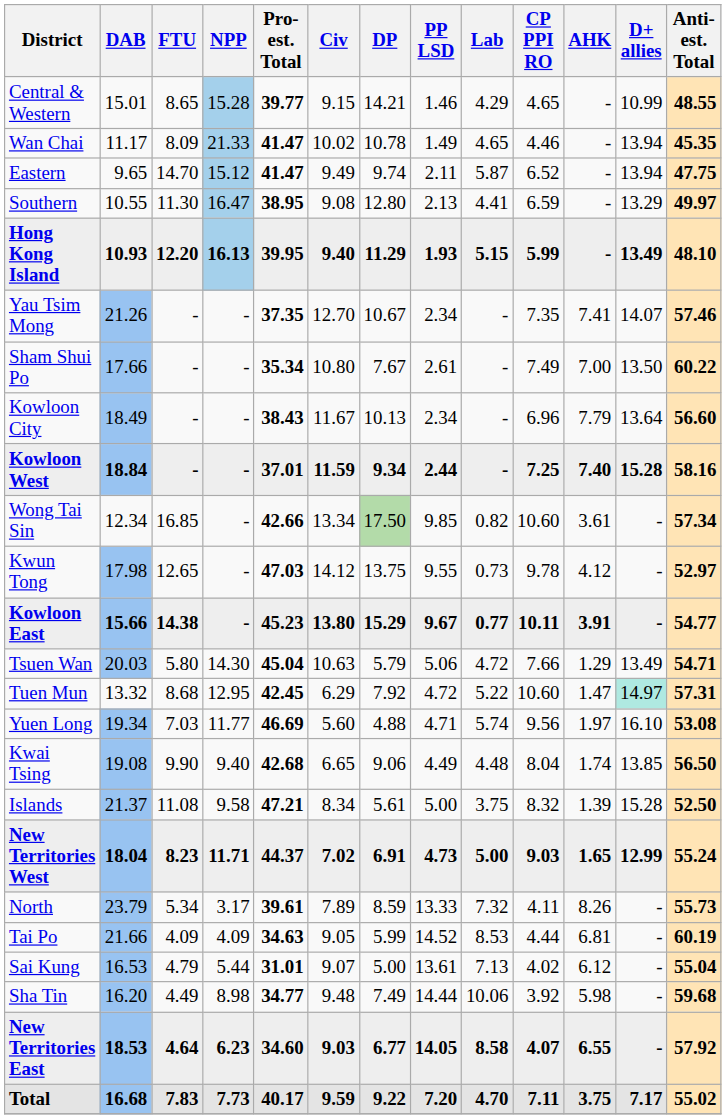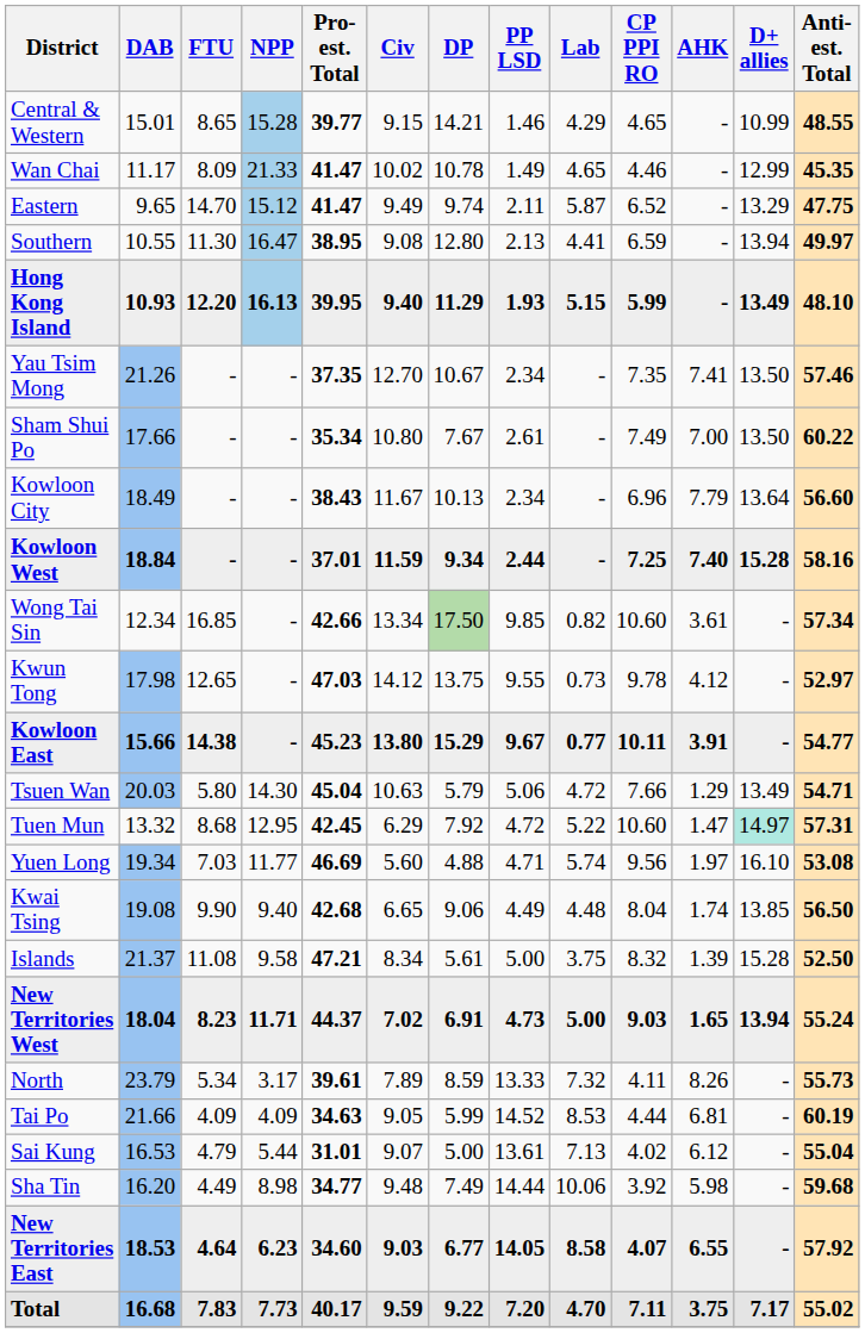 <table class="wikitable sortable collapsible collapsed" style="text-align: right;">
 <tr>
 <th>District</th>
 <th width=40px style="background-color:"><a href='#'><span>DAB</span></a></th>
 <th style="background-color:"><a href='#'><span>FTU</span></a></th>
 <th style="background-color:"><a href='#'><span>NPP</span></a></th>
 <th width=50px>Pro-est.<br>Total</th>
 <th style="background-color:"><a href='#'><span>Civ</span></a></th>
 <th style="background-color:"><a href='#'><span>DP</span></a></th>
 <th style="background-color:"><a href='#'><span>PP</span></a><br><a href='#'><span>LSD</span></a></th>
 <th style="background-color:"><a href='#'><span>Lab</span></a></th>
 <th style="background-color:"><a href='#'><span>CP</span></a><br><a href='#'><span>PPI</span></a><br><a href='#'><span>RO</span></a></th>
 <th style="background-color:"><a href='#'><span>AHK</span></a></th>
 <th style="background-color:"><a href='#'><span>D+<br>allies</span></a></th>
 <th width=50px>Anti-est.<br>Total</th>
 </tr>
 <tr>
 <td align=left><a href='#'>Central & Western</a></td>
 <td>15.01</td>
 <td>8.65</td>
 <td bgcolor=#a4d0eb>15.28</td>
 <td><strong>39.77</strong></td>
 <td>9.15</td>
 <td>14.21</td>
 <td>1.46</td>
 <td>4.29</td>
 <td>4.65</td>
 <td>-</td>
 <td>10.99</td>
 <td bgcolor=Moccasin><strong>48.55</strong></td>
 </tr>
 <tr>
 <td align=left><a href='#'>Wan Chai</a></td>
 <td>11.17</td>
 <td>8.09</td>
 <td bgcolor=#a4d0eb>21.33</td>
 <td><strong>41.47</strong></td>
 <td>10.02</td>
 <td>10.78</td>
 <td>1.49</td>
 <td>4.65</td>
 <td>4.46</td>
 <td>-</td>
-<td>13.94</td>
+<td>12.99</td>
 <td bgcolor=Moccasin><strong>45.35</strong></td>
 </tr>
 <tr>
 <td align=left><a href='#'>Eastern</a></td>
 <td>9.65</td>
 <td>14.70</td>
 <td bgcolor=#a4d0eb>15.12</td>
 <td><strong>41.47</strong></td>
 <td>9.49</td>
 <td>9.74</td>
 <td>2.11</td>
 <td>5.87</td>
 <td>6.52</td>
 <td>-</td>
-<td>13.94</td>
+<td>13.29</td>
 <td bgcolor=Moccasin><strong>47.75</strong></td>
 </tr>
 <tr>
 <td align=left><a href='#'>Southern</a></td>
 <td>10.55</td>
 <td>11.30</td>
 <td bgcolor=#a4d0eb>16.47</td>
 <td><strong>38.95</strong></td>
 <td>9.08</td>
 <td>12.80</td>
 <td>2.13</td>
 <td>4.41</td>
 <td>6.59</td>
 <td>-</td>
-<td>13.29</td>
+<td>13.94</td>
 <td bgcolor=Moccasin><strong>49.97</strong></td>
 </tr>
 <tr style="font-weight:bold; background:#EEEEEE;">
 <td align=left><strong><a href='#'>Hong Kong Island</a></strong></td>
 <td>10.93</td>
 <td>12.20</td>
 <td bgcolor=#a4d0eb>16.13</td>
 <td><strong>39.95</strong></td>
 <td>9.40</td>
 <td>11.29</td>
 <td>1.93</td>
 <td>5.15</td>
 <td>5.99</td>
 <td>-</td>
 <td>13.49</td>
 <td bgcolor=Moccasin><strong>48.10</strong></td>
 </tr>
 <tr>
 <td align=left><a href='#'>Yau Tsim Mong</a></td>
 <td bgcolor=#98c3f1>21.26</td>
 <td>-</td>
 <td>-</td>
 <td><strong>37.35</strong></td>
 <td>12.70</td>
 <td>10.67</td>
 <td>2.34</td>
 <td>-</td>
 <td>7.35</td>
 <td>7.41</td>
-<td>14.07</td>
+<td>13.50</td>
 <td bgcolor=Moccasin><strong>57.46 </strong></td>
 </tr>
 <tr>
 <td align=left><a href='#'>Sham Shui Po</a></td>
 <td bgcolor=#98c3f1>17.66</td>
 <td>-</td>
 <td>-</td>
 <td><strong>35.34</strong></td>
 <td>10.80</td>
 <td>7.67</td>
 <td>2.61</td>
 <td>-</td>
 <td>7.49</td>
 <td>7.00</td>
 <td>13.50</td>
 <td bgcolor=Moccasin><strong>60.22 </strong></td>
 </tr>
 <tr>
 <td align=left><a href='#'>Kowloon City</a></td>
 <td bgcolor=#98c3f1>18.49</td>
 <td>-</td>
 <td>-</td>
 <td><strong>38.43</strong></td>
 <td>11.67</td>
 <td>10.13</td>
 <td>2.34</td>
 <td>-</td>
 <td>6.96</td>
 <td>7.79</td>
 <td>13.64</td>
 <td bgcolor=Moccasin><strong>56.60 </strong></td>
 </tr>
 <tr style="font-weight:bold; background:#EEEEEE;">
 <td align=left><strong><a href='#'>Kowloon West</a></strong></td>
 <td bgcolor=#98c3f1>18.84</td>
 <td>-</td>
 <td>-</td>
 <td><strong>37.01</strong></td>
 <td>11.59</td>
 <td>9.34</td>
 <td>2.44</td>
 <td>-</td>
 <td>7.25</td>
 <td>7.40</td>
 <td>15.28</td>
 <td bgcolor=Moccasin><strong>58.16</strong></td>
 </tr>
 <tr>
 <td align=left><a href='#'>Wong Tai Sin</a></td>
 <td>12.34</td>
 <td>16.85</td>
 <td>-</td>
 <td><strong>42.66</strong></td>
 <td>13.34</td>
 <td bgcolor=#b3dba9>17.50</td>
 <td>9.85</td>
 <td>0.82</td>
 <td>10.60</td>
 <td>3.61</td>
 <td>-</td>
 <td bgcolor=Moccasin><strong>57.34 </strong></td>
 </tr>
 <tr>
 <td align=left><a href='#'>Kwun Tong</a></td>
 <td bgcolor=#98c3f1>17.98</td>
 <td>12.65</td>
 <td>-</td>
 <td><strong>47.03</strong></td>
 <td>14.12</td>
 <td>13.75</td>
 <td>9.55</td>
 <td>0.73</td>
 <td>9.78</td>
 <td>4.12</td>
 <td>-</td>
 <td bgcolor=Moccasin><strong>52.97 </strong></td>
 </tr>
 <tr style="font-weight:bold; background:#EEEEEE;">
 <td align=left><strong><a href='#'>Kowloon East</a></strong></td>
 <td bgcolor=#98c3f1>15.66</td>
 <td>14.38</td>
 <td>-</td>
 <td><strong>45.23</strong></td>
 <td>13.80</td>
 <td>15.29</td>
 <td>9.67</td>
 <td>0.77</td>
 <td>10.11</td>
 <td>3.91</td>
 <td>-</td>
 <td bgcolor=Moccasin><strong>54.77</strong></td>
 </tr>
 <tr>
 <td align=left><a href='#'>Tsuen Wan</a></td>
 <td bgcolor=#98c3f1>20.03</td>
 <td>5.80</td>
 <td>14.30</td>
 <td><strong>45.04</strong></td>
 <td>10.63</td>
 <td>5.79</td>
 <td>5.06</td>
 <td>4.72</td>
 <td>7.66</td>
 <td>1.29</td>
 <td>13.49</td>
 <td bgcolor=Moccasin><strong>54.71 </strong></td>
 </tr>
 <tr>
 <td align=left><a href='#'>Tuen Mun</a></td>
 <td>13.32</td>
 <td>8.68</td>
 <td>12.95</td>
 <td><strong>42.45</strong></td>
 <td>6.29</td>
 <td>7.92</td>
 <td>4.72</td>
 <td>5.22</td>
 <td>10.60</td>
 <td>1.47</td>
 <td bgcolor=#afe9e1>14.97</td>
 <td bgcolor=Moccasin><strong>57.31 </strong></td>
 </tr>
 <tr>
 <td align=left><a href='#'>Yuen Long</a></td>
 <td bgcolor=#98c3f1>19.34</td>
 <td>7.03</td>
 <td>11.77</td>
 <td><strong>46.69</strong></td>
 <td>5.60</td>
 <td>4.88</td>
 <td>4.71</td>
 <td>5.74</td>
 <td>9.56</td>
 <td>1.97</td>
 <td>16.10</td>
 <td bgcolor=Moccasin><strong>53.08 </strong></td>
 </tr>
 <tr>
 <td align=left><a href='#'>Kwai Tsing</a></td>
 <td bgcolor=#98c3f1>19.08</td>
 <td>9.90</td>
 <td>9.40</td>
 <td><strong>42.68</strong></td>
 <td>6.65</td>
 <td>9.06</td>
 <td>4.49</td>
 <td>4.48</td>
 <td>8.04</td>
 <td>1.74</td>
 <td>13.85</td>
 <td bgcolor=Moccasin><strong>56.50 </strong></td>
 </tr>
 <tr>
 <td align=left><a href='#'>Islands</a></td>
 <td bgcolor=#98c3f1>21.37</td>
 <td>11.08</td>
 <td>9.58</td>
 <td><strong>47.21</strong></td>
 <td>8.34</td>
 <td>5.61</td>
 <td>5.00</td>
 <td>3.75</td>
 <td>8.32</td>
 <td>1.39</td>
 <td>15.28</td>
 <td bgcolor=Moccasin><strong>52.50 </strong></td>
 </tr>
 <tr style="font-weight:bold; background:#EEEEEE;">
 <td align=left><strong><a href='#'>New Territories West</a></strong></td>
 <td bgcolor=#98c3f1>18.04</td>
 <td>8.23</td>
 <td>11.71</td>
 <td><strong>44.37</strong></td>
 <td>7.02</td>
 <td>6.91</td>
 <td>4.73</td>
 <td>5.00</td>
 <td>9.03</td>
 <td>1.65</td>
-<td>12.99</td>
+<td>13.94</td>
 <td bgcolor=Moccasin><strong>55.24</strong></td>
 </tr>
 <tr>
 <td align=left><a href='#'>North</a></td>
 <td bgcolor=#98c3f1>23.79</td>
 <td>5.34</td>
 <td>3.17</td>
 <td><strong>39.61</strong></td>
 <td>7.89</td>
 <td>8.59</td>
 <td>13.33</td>
 <td>7.32</td>
 <td>4.11</td>
 <td>8.26</td>
 <td>-</td>
 <td bgcolor=Moccasin><strong>55.73 </strong></td>
 </tr>
 <tr>
 <td align=left><a href='#'>Tai Po</a></td>
 <td bgcolor=#98c3f1>21.66</td>
 <td>4.09</td>
 <td>4.09</td>
 <td><strong>34.63</strong></td>
 <td>9.05</td>
 <td>5.99</td>
 <td>14.52</td>
 <td>8.53</td>
 <td>4.44</td>
 <td>6.81</td>
 <td>-</td>
 <td bgcolor=Moccasin><strong>60.19 </strong></td>
 </tr>
 <tr>
 <td align=left><a href='#'>Sai Kung</a></td>
 <td bgcolor=#98c3f1>16.53</td>
 <td>4.79</td>
 <td>5.44</td>
 <td><strong>31.01</strong></td>
 <td>9.07</td>
 <td>5.00</td>
 <td>13.61</td>
 <td>7.13</td>
 <td>4.02</td>
 <td>6.12</td>
 <td>-</td>
 <td bgcolor=Moccasin><strong>55.04 </strong></td>
 </tr>
 <tr>
 <td align=left><a href='#'>Sha Tin</a></td>
 <td bgcolor=#98c3f1>16.20</td>
 <td>4.49</td>
 <td>8.98</td>
 <td><strong>34.77</strong></td>
 <td>9.48</td>
 <td>7.49</td>
 <td>14.44</td>
 <td>10.06</td>
 <td>3.92</td>
 <td>5.98</td>
 <td>-</td>
 <td bgcolor=Moccasin><strong>59.68 </strong></td>
 </tr>
 <tr style="font-weight:bold; background:#EEEEEE;">
 <td align=left><strong><a href='#'>New Territories East</a></strong></td>
 <td bgcolor=#98c3f1>18.53</td>
 <td>4.64</td>
 <td>6.23</td>
 <td><strong>34.60</strong></td>
 <td>9.03</td>
 <td>6.77</td>
 <td>14.05</td>
 <td>8.58</td>
 <td>4.07</td>
 <td>6.55</td>
 <td>-</td>
 <td bgcolor=Moccasin><strong>57.92</strong></td>
 </tr>
 <tr class="sortbottom" style="font-weight:bold; background:#E4E4E4;">
 <td align=left>Total</td>
 <td bgcolor=#98c3f1>16.68</td>
 <td>7.83</td>
 <td>7.73</td>
 <td><strong>40.17</strong></td>
 <td>9.59</td>
 <td>9.22</td>
 <td>7.20</td>
 <td>4.70</td>
 <td>7.11</td>
 <td>3.75</td>
 <td>7.17</td>
 <td bgcolor=Moccasin><strong>55.02</strong></td>
 </tr>
 <tr>
 </tr>
 </table>
